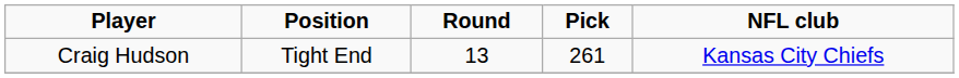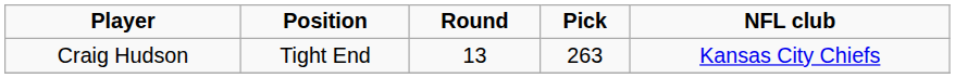 <table class="wikitable" width="80%">
 <tr style="text-align:center; ">
 <td><strong>Player</strong></td>
 <td><strong>Position</strong></td>
 <td><strong>Round</strong></td>
 <td><strong>Pick</strong></td>
 <td><strong>NFL club</strong></td>
 </tr>
 <tr align="center" bgcolor="">
 <td>Craig Hudson</td>
 <td>Tight End</td>
 <td>13</td>
-<td>261</td>
+<td>263</td>
 <td><a href='#'>Kansas City Chiefs</a></td>
 </tr>
 <tr align="center" bgcolor="">
 </tr>
 </table>
